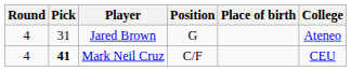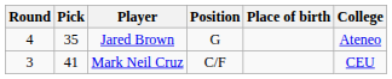 <table class="wikitable sortable sortable" style="text-align:center">
 <tr>
 <th>Round</th>
 <th>Pick</th>
 <th>Player</th>
 <th>Position</th>
 <th>Place of birth</th>
 <th>College</th>
 </tr>
 <tr>
 <td>4</td>
-<td>31</td>
+<td>35</td>
 <td><a href='#'>Jared Brown</a></td>
 <td>G</td>
 <td></td>
 <td><a href='#'>Ateneo</a></td>
 </tr>
 <tr>
-<td>4</td>
-<td><strong>41</strong></td>
+<td>3</td>
+<td>41</td>
 <td><a href='#'>Mark Neil Cruz</a></td>
 <td>C/F</td>
 <td></td>
 <td><a href='#'>CEU</a></td>
 </tr>
 </table>
